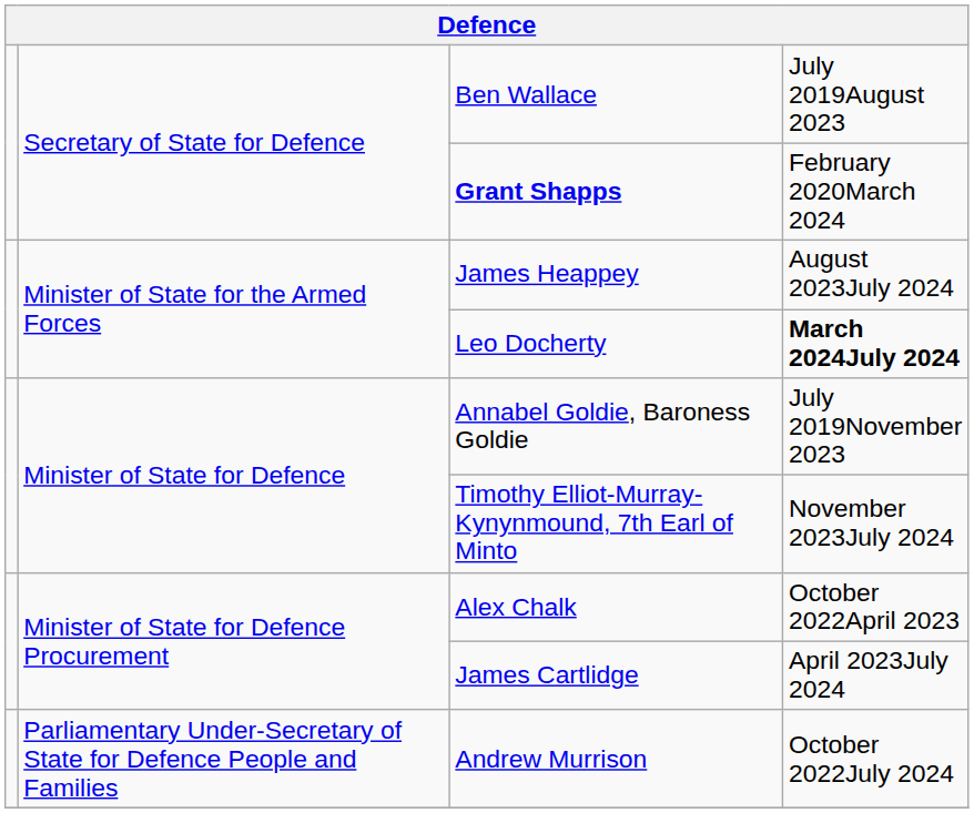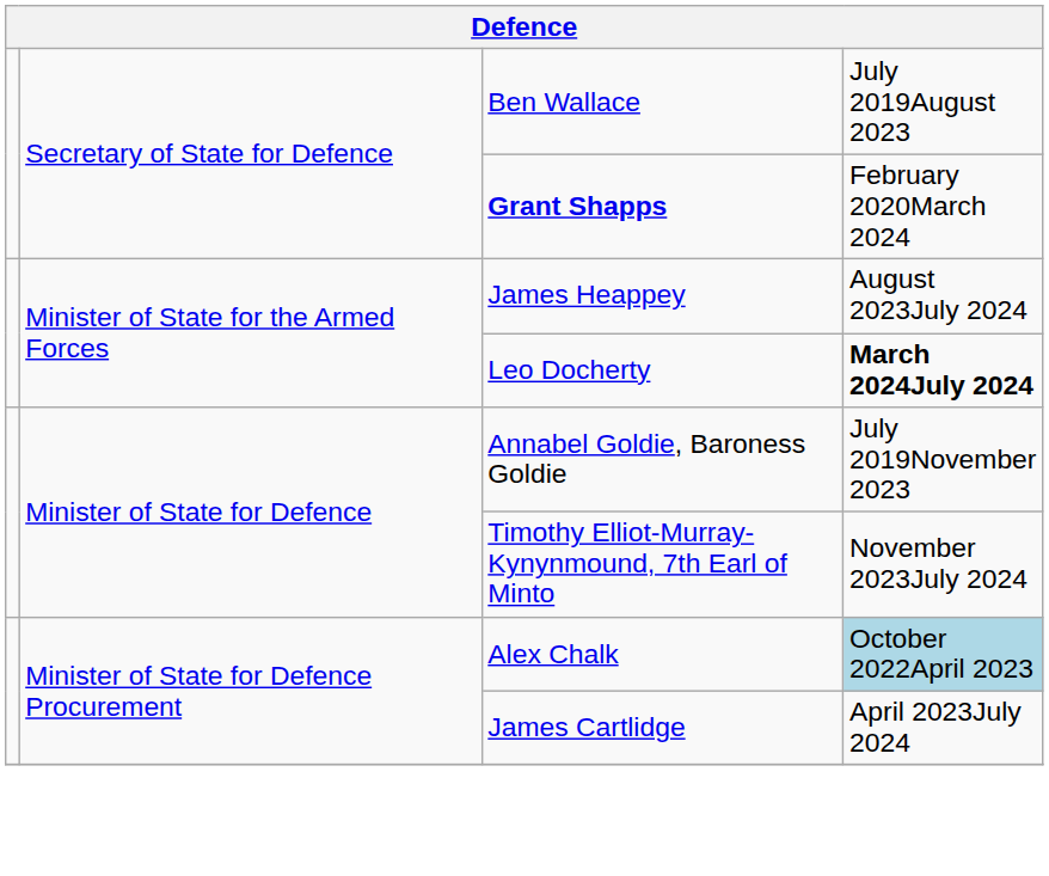 <table class="wikitable">
 <tr>
 <th colspan="4"><a href='#'>Defence</a></th>
 </tr>
 <tr>
 <td rowspan=2 style="width: 1px; background: "></td>
 <td rowspan=2  style="width: 450px;"><a href='#'>Secretary of State for Defence</a></td>
 <td style="width: 320px;"><a href='#'>Ben Wallace</a></td>
 <td>July 2019August 2023</td>
 </tr>
 <tr>
 <td style="width: 320px;"><strong><a href='#'>Grant Shapps</a></strong></td>
 <td>February 2020March 2024</td>
 </tr>
 <tr>
 <td rowspan=2 style="width: 1px; background: "></td>
 <td rowspan=2><a href='#'>Minister of State for the Armed Forces</a></td>
 <td><a href='#'>James Heappey</a></td>
 <td>August 2023July 2024</td>
 </tr>
 <tr>
 <td><a href='#'>Leo Docherty</a></td>
 <td><strong>March 2024July 2024</strong></td>
 </tr>
 <tr>
 <td rowspan="2" style="width: 1px; background: "></td>
 <td rowspan="2"  style="width: 450px;"><a href='#'>Minister of State for Defence</a></td>
 <td style="width: 320px;"><a href='#'>Annabel Goldie</a>, Baroness Goldie </td>
 <td>July 2019November 2023</td>
 </tr>
 <tr>
 <td><a href='#'>Timothy Elliot-Murray-Kynynmound, 7th Earl of Minto</a> </td>
 <td>November 2023July 2024</td>
 </tr>
 <tr>
 <td rowspan="2" style="width: 1px; background: "></td>
 <td rowspan="2" style="width: 450px;"><a href='#'>Minister of State for Defence Procurement</a></td>
 <td style="width: 320px;"><a href='#'>Alex Chalk</a></td>
-<td>October 2022April 2023</td>
+<td style="background: lightblue;">October 2022April 2023</td>
 </tr>
 <tr>
 <td style="width: 320px;"><a href='#'>James Cartlidge</a></td>
 <td>April 2023July 2024</td>
 </tr>
 <tr>
-<td rowspan="1" style="width: 1px; background: "></td>
-<td><a href='#'>Parliamentary Under-Secretary of State for Defence People and Families</a></td>
-<td><a href='#'>Andrew Murrison</a></td>
-<td>October 2022July 2024</td>
-</tr>
-<tr>
 </tr>
 </table>
